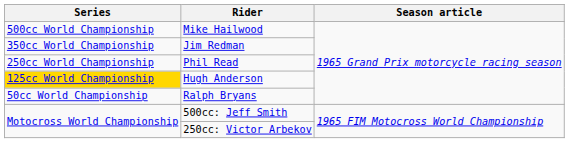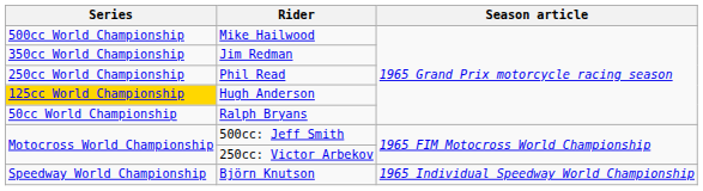 <table class="wikitable" style="font-size: 87%;">
 <tr>
 <th>Series</th>
 <th>Rider</th>
 <th>Season article</th>
 </tr>
 <tr>
 <td><a href='#'>500cc World Championship</a></td>
 <td> <a href='#'>Mike Hailwood</a></td>
 <td rowspan=5><em><a href='#'>1965 Grand Prix motorcycle racing season</a></em></td>
 </tr>
 <tr>
 <td><a href='#'>350cc World Championship</a></td>
 <td> <a href='#'>Jim Redman</a></td>
 </tr>
 <tr>
 <td><a href='#'>250cc World Championship</a></td>
 <td> <a href='#'>Phil Read</a></td>
 </tr>
 <tr>
 <td style="background: gold;"><a href='#'>125cc World Championship</a></td>
 <td> <a href='#'>Hugh Anderson</a></td>
 </tr>
 <tr>
 <td><a href='#'>50cc World Championship</a></td>
 <td> <a href='#'>Ralph Bryans</a></td>
 </tr>
 <tr>
 <td rowspan=2><a href='#'>Motocross World Championship</a></td>
 <td>500cc:  <a href='#'>Jeff Smith</a></td>
 <td rowspan=2><em><a href='#'>1965 FIM Motocross World Championship</a></em></td>
 </tr>
 <tr>
 <td>250cc:  <a href='#'>Victor Arbekov</a></td>
 </tr>
+<tr>
+<td><a href='#'>Speedway World Championship</a></td>
+<td> <a href='#'>Björn Knutson</a></td>
+<td><em><a href='#'>1965 Individual Speedway World Championship</a></em></td>
+</tr>
 </table>
